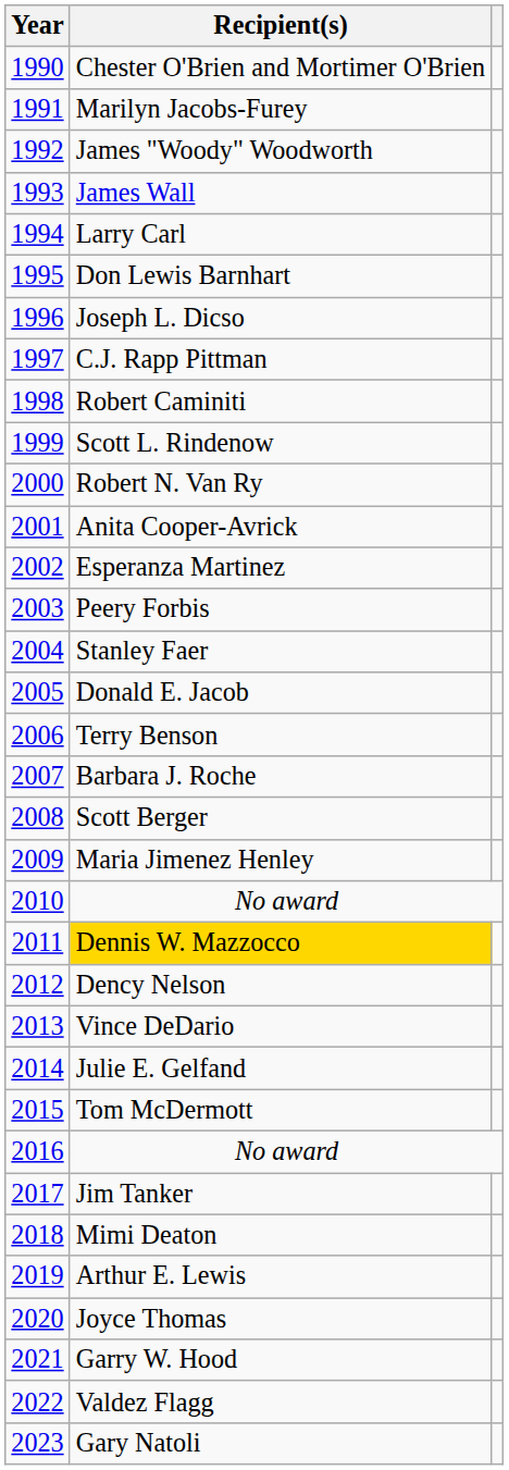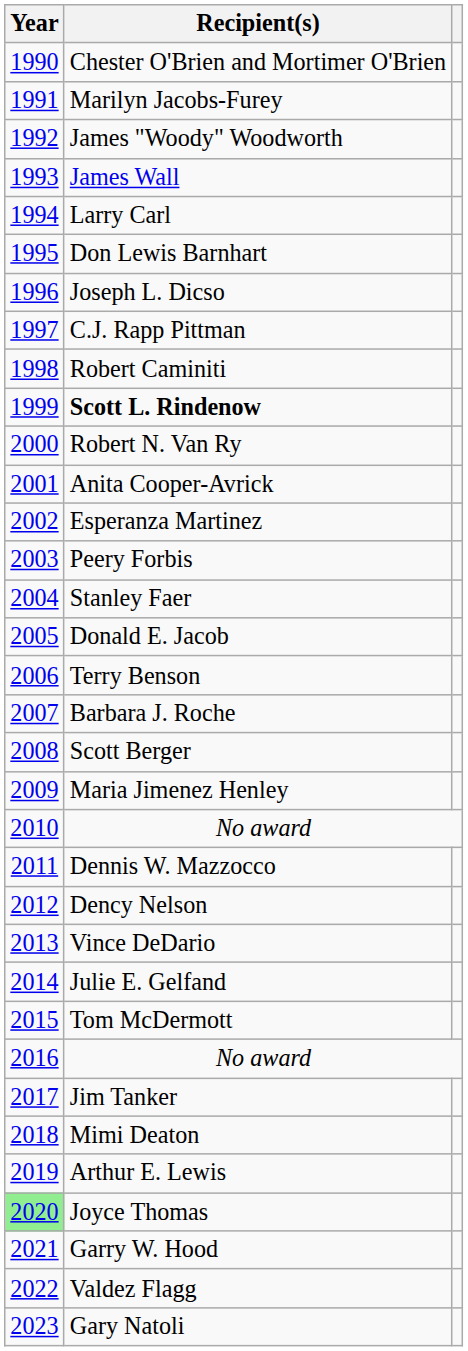 <table class="wikitable sortable">
 <tr>
 <th>Year</th>
 <th>Recipient(s)</th>
 <th class=unsortable></th>
 </tr>
 <tr>
 <td style="text-align:center;"><a href='#'>1990</a></td>
 <td>Chester O'Brien and Mortimer O'Brien</td>
 <td style="text-align:center;"></td>
 </tr>
 <tr>
 <td style="text-align:center;"><a href='#'>1991</a></td>
 <td>Marilyn Jacobs-Furey</td>
 <td style="text-align:center;"></td>
 </tr>
 <tr>
 <td style="text-align:center;"><a href='#'>1992</a></td>
 <td>James "Woody" Woodworth</td>
 <td style="text-align:center;"></td>
 </tr>
 <tr>
 <td style="text-align:center;"><a href='#'>1993</a></td>
 <td><a href='#'>James Wall</a></td>
 <td style="text-align:center;"></td>
 </tr>
 <tr>
 <td style="text-align:center;"><a href='#'>1994</a></td>
 <td>Larry Carl</td>
 <td style="text-align:center;"></td>
 </tr>
 <tr>
 <td style="text-align:center;"><a href='#'>1995</a></td>
 <td>Don Lewis Barnhart</td>
 <td style="text-align:center;"></td>
 </tr>
 <tr>
 <td style="text-align:center;"><a href='#'>1996</a></td>
 <td>Joseph L. Dicso</td>
 <td style="text-align:center;"></td>
 </tr>
 <tr>
 <td style="text-align:center;"><a href='#'>1997</a></td>
 <td>C.J. Rapp Pittman</td>
 <td style="text-align:center;"></td>
 </tr>
 <tr>
 <td style="text-align:center;"><a href='#'>1998</a></td>
 <td>Robert Caminiti</td>
 <td style="text-align:center;"></td>
 </tr>
 <tr>
 <td style="text-align:center;"><a href='#'>1999</a></td>
-<td>Scott L. Rindenow</td>
+<td><strong>Scott L. Rindenow</strong></td>
 <td style="text-align:center;"></td>
 </tr>
 <tr>
 <td style="text-align:center;"><a href='#'>2000</a></td>
 <td>Robert N. Van Ry</td>
 <td style="text-align:center;"></td>
 </tr>
 <tr>
 <td style="text-align:center;"><a href='#'>2001</a></td>
 <td>Anita Cooper-Avrick</td>
 <td style="text-align:center;"></td>
 </tr>
 <tr>
 <td style="text-align:center;"><a href='#'>2002</a></td>
 <td>Esperanza Martinez</td>
 <td style="text-align:center;"></td>
 </tr>
 <tr>
 <td style="text-align:center;"><a href='#'>2003</a></td>
 <td>Peery Forbis</td>
 <td style="text-align:center;"></td>
 </tr>
 <tr>
 <td style="text-align:center;"><a href='#'>2004</a></td>
 <td>Stanley Faer</td>
 <td style="text-align:center;"></td>
 </tr>
 <tr>
 <td style="text-align:center;"><a href='#'>2005</a></td>
 <td>Donald E. Jacob</td>
 <td style="text-align:center;"></td>
 </tr>
 <tr>
 <td style="text-align:center;"><a href='#'>2006</a></td>
 <td>Terry Benson</td>
 <td style="text-align:center;"></td>
 </tr>
 <tr>
 <td style="text-align:center;"><a href='#'>2007</a></td>
 <td>Barbara J. Roche</td>
 <td style="text-align:center;"></td>
 </tr>
 <tr>
 <td style="text-align:center;"><a href='#'>2008</a></td>
 <td>Scott Berger</td>
 <td style="text-align:center;"></td>
 </tr>
 <tr>
 <td style="text-align:center;"><a href='#'>2009</a></td>
 <td>Maria Jimenez Henley</td>
 <td style="text-align:center;"></td>
 </tr>
 <tr>
 <td style="text-align:center;"><a href='#'>2010</a></td>
 <td style="text-align:center;" colspan="2"><em>No award</em></td>
 </tr>
 <tr>
 <td style="text-align:center;"><a href='#'>2011</a></td>
-<td style="background: gold;">Dennis W. Mazzocco</td>
+<td>Dennis W. Mazzocco</td>
 <td style="text-align:center;"></td>
 </tr>
 <tr>
 <td style="text-align:center;"><a href='#'>2012</a></td>
 <td>Dency Nelson</td>
 <td style="text-align:center;"></td>
 </tr>
 <tr>
 <td style="text-align:center;"><a href='#'>2013</a></td>
 <td>Vince DeDario</td>
 <td style="text-align:center;"></td>
 </tr>
 <tr>
 <td style="text-align:center;"><a href='#'>2014</a></td>
 <td>Julie E. Gelfand</td>
 <td style="text-align:center;"></td>
 </tr>
 <tr>
 <td style="text-align:center;"><a href='#'>2015</a></td>
 <td>Tom McDermott</td>
 <td style="text-align:center;"></td>
 </tr>
 <tr>
 <td style="text-align:center;"><a href='#'>2016</a></td>
 <td style="text-align:center;" colspan="2"><em>No award</em></td>
 </tr>
 <tr>
 <td style="text-align:center;"><a href='#'>2017</a></td>
 <td>Jim Tanker</td>
 <td style="text-align:center;"></td>
 </tr>
 <tr>
 <td style="text-align:center;"><a href='#'>2018</a></td>
 <td>Mimi Deaton</td>
 <td style="text-align:center;"></td>
 </tr>
 <tr>
 <td style="text-align:center;"><a href='#'>2019</a></td>
 <td>Arthur E. Lewis</td>
 <td style="text-align:center;"></td>
 </tr>
 <tr>
-<td style="text-align:center;"><a href='#'>2020</a></td>
+<td style="background: lightgreen; text-align:center;"><a href='#'>2020</a></td>
 <td>Joyce Thomas</td>
 <td style="text-align:center;"></td>
 </tr>
 <tr>
 <td style="text-align:center;"><a href='#'>2021</a></td>
 <td>Garry W. Hood</td>
 <td style="text-align:center;"></td>
 </tr>
 <tr>
 <td style="text-align:center;"><a href='#'>2022</a></td>
 <td>Valdez Flagg</td>
 <td style="text-align:center;"></td>
 </tr>
 <tr>
 <td style="text-align:center;"><a href='#'>2023</a></td>
 <td>Gary Natoli</td>
 <td style="text-align:center;"></td>
 </tr>
 </table>
